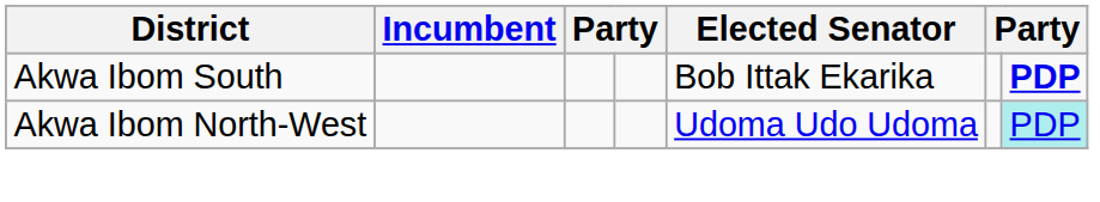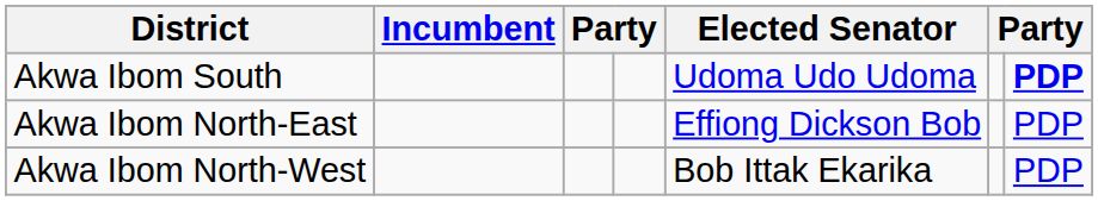 <table class="sortable wikitable" style="font-size:95%;line-height:14px;">
 <tr>
 <th class="unsortable">District</th>
 <th class="unsortable"><a href='#'>Incumbent</a></th>
 <th colspan="2">Party</th>
 <th class="unsortable">Elected Senator</th>
 <th colspan="2">Party</th>
 </tr>
 <tr>
 <td>Akwa Ibom South</td>
 <td></td>
 <td></td>
 <td></td>
-<td>Bob Ittak Ekarika</td>
+<td><a href='#'>Udoma Udo Udoma</a></td>
 <td style="background:"></td>
 <td><strong><a href='#'>PDP</a></strong></td>
+</tr>
+<tr>
+<td>Akwa Ibom North-East</td>
+<td></td>
+<td></td>
+<td></td>
+<td><a href='#'>Effiong Dickson Bob</a></td>
+<td style="background:"></td>
+<td><a href='#'>PDP</a></td>
 </tr>
 <tr>
 <td>Akwa Ibom North-West</td>
 <td></td>
 <td></td>
 <td></td>
-<td><a href='#'>Udoma Udo Udoma</a></td>
+<td>Bob Ittak Ekarika</td>
 <td style="background:"></td>
-<td style="background: paleturquoise;"><a href='#'>PDP</a></td>
+<td><a href='#'>PDP</a></td>
 </tr>
 </table>
